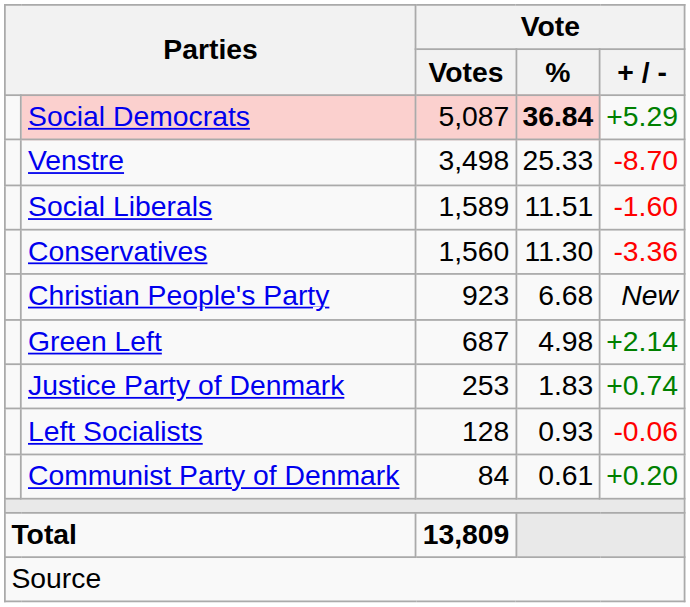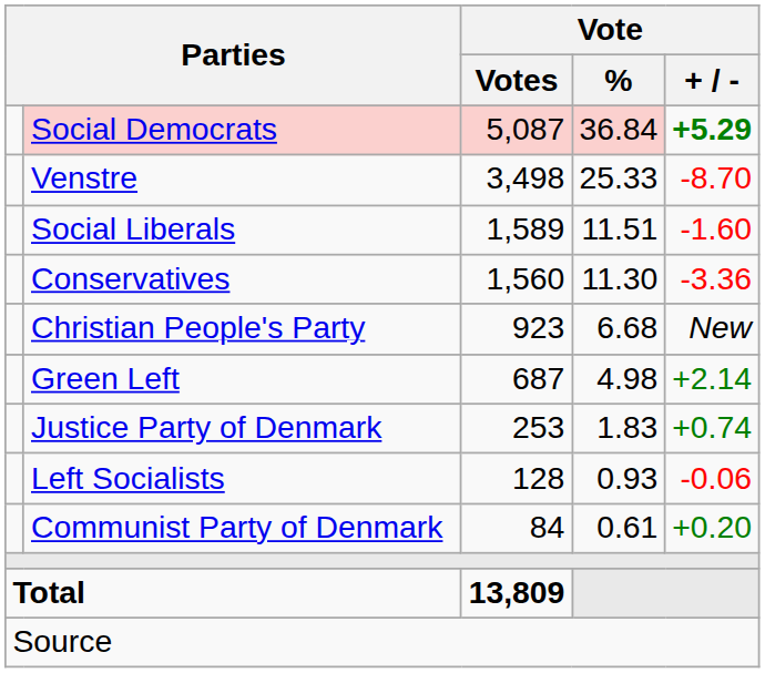 <table class="wikitable" style="text-align:right;">
 <tr>
 <th style="text-align:centre;" rowspan="2" colspan="2" width="225">Parties</th>
 <th colspan="3">Vote</th>
 </tr>
 <tr>
 <th width="15">Votes</th>
 <th width="15">%</th>
 <th width="15">+ / -</th>
 </tr>
 <tr>
 <td width="2" style="color:inherit;background:"></td>
 <td bgcolor=#fbd0ce  align="left"><a href='#'>Social Democrats</a></td>
 <td bgcolor=#fbd0ce>5,087</td>
-<td bgcolor=#fbd0ce><strong>36.84</strong></td>
-<td style=color:green;>+5.29</td>
+<td bgcolor=#fbd0ce>36.84</td>
+<td style=color:green;><strong>+5.29</strong></td>
 </tr>
 <tr>
 <td width="2" style="color:inherit;background:"></td>
 <td align="left"><a href='#'>Venstre</a></td>
 <td>3,498</td>
 <td>25.33</td>
 <td style=color:red;>-8.70</td>
 </tr>
 <tr>
 <td width="2" style="color:inherit;background:"></td>
 <td align="left"><a href='#'>Social Liberals</a></td>
 <td>1,589</td>
 <td>11.51</td>
 <td style=color:red;>-1.60</td>
 </tr>
 <tr>
 <td width="2" style="color:inherit;background:"></td>
 <td align="left"><a href='#'>Conservatives</a></td>
 <td>1,560</td>
 <td>11.30</td>
 <td style=color:red;>-3.36</td>
 </tr>
 <tr>
 <td width="2" style="color:inherit;background:"></td>
 <td align="left"><a href='#'>Christian People's Party</a></td>
 <td>923</td>
 <td>6.68</td>
 <td><em>New</em></td>
 </tr>
 <tr>
 <td width="2" style="color:inherit;background:"></td>
 <td align="left"><a href='#'>Green Left</a></td>
 <td>687</td>
 <td>4.98</td>
 <td style=color:green;>+2.14</td>
 </tr>
 <tr>
 <td width="2" style="color:inherit;background:"></td>
 <td align="left"><a href='#'>Justice Party of Denmark</a></td>
 <td>253</td>
 <td>1.83</td>
 <td style=color:green;>+0.74</td>
 </tr>
 <tr>
 <td width="2" style="color:inherit;background:"></td>
 <td align="left"><a href='#'>Left Socialists</a></td>
 <td>128</td>
 <td>0.93</td>
 <td style=color:red;>-0.06</td>
 </tr>
 <tr>
 <td width="2" style="color:inherit;background:"></td>
 <td align="left"><a href='#'>Communist Party of Denmark</a></td>
 <td>84</td>
 <td>0.61</td>
 <td style=color:green;>+0.20</td>
 </tr>
 <tr>
 <td colspan="7" bgcolor="#E9E9E9"></td>
 </tr>
 <tr>
 <td align="left" colspan="2"><strong>Total</strong></td>
 <td><strong>13,809</strong></td>
 <td bgcolor="#E9E9E9" colspan="2"></td>
 </tr>
 <tr>
 <td align="left" colspan="6">Source</td>
 </tr>
 </table>
